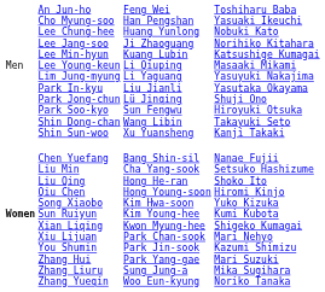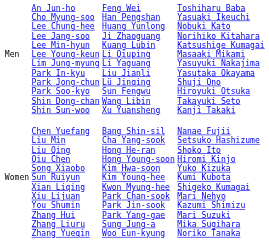 <table>
 <tr>
 <td>Men<br></td>
 <td><br><a href='#'>An Jun-ho</a><br><a href='#'>Cho Myung-soo</a><br><a href='#'>Lee Chung-hee</a><br><a href='#'>Lee Jang-soo</a><br><a href='#'>Lee Min-hyun</a><br><a href='#'>Lee Young-keun</a><br><a href='#'>Lim Jung-myung</a><br><a href='#'>Park In-kyu</a><br><a href='#'>Park Jong-chun</a><br><a href='#'>Park Soo-kyo</a><br><a href='#'>Shin Dong-chan</a><br><a href='#'>Shin Sun-woo</a></td>
 <td><br><a href='#'>Feng Wei</a><br><a href='#'>Han Pengshan</a><br><a href='#'>Huang Yunlong</a><br><a href='#'>Ji Zhaoguang</a><br><a href='#'>Kuang Lubin</a><br><a href='#'>Li Qiuping</a><br><a href='#'>Li Yaguang</a><br><a href='#'>Liu Jianli</a><br><a href='#'>Lü Jinqing</a><br><a href='#'>Sun Fengwu</a><br><a href='#'>Wang Libin</a><br><a href='#'>Xu Yuansheng</a></td>
 <td><br><a href='#'>Toshiharu Baba</a><br><a href='#'>Yasuaki Ikeuchi</a><br><a href='#'>Nobuki Kato</a><br><a href='#'>Norihiko Kitahara</a><br><a href='#'>Katsushige Kumagai</a><br><a href='#'>Masaaki Mikami</a><br><a href='#'>Yasuyuki Nakajima</a><br><a href='#'>Yasutaka Okayama</a><br><a href='#'>Shuji Ono</a><br><a href='#'>Hiroyuki Otsuka</a><br><a href='#'>Takayuki Seto</a><br><a href='#'>Kanji Takaki</a></td>
 </tr>
 <tr>
-<td><strong>Women<br></strong></td>
+<td>Women<br></td>
 <td><br><a href='#'>Chen Yuefang</a><br><a href='#'>Liu Min</a><br><a href='#'>Liu Qing</a><br><a href='#'>Qiu Chen</a><br><a href='#'>Song Xiaobo</a><br><a href='#'>Sun Ruiyun</a><br><a href='#'>Xian Liqing</a><br><a href='#'>Xiu Lijuan</a><br><a href='#'>You Shumin</a><br><a href='#'>Zhang Hui</a><br><a href='#'>Zhang Liuru</a><br><a href='#'>Zhang Yueqin</a></td>
 <td><br><a href='#'>Bang Shin-sil</a><br><a href='#'>Cha Yang-sook</a><br><a href='#'>Hong He-ran</a><br><a href='#'>Hong Young-soon</a><br><a href='#'>Kim Hwa-soon</a><br><a href='#'>Kim Young-hee</a><br><a href='#'>Kwon Myung-hee</a><br><a href='#'>Park Chan-sook</a><br><a href='#'>Park Jin-sook</a><br><a href='#'>Park Yang-gae</a><br><a href='#'>Sung Jung-a</a><br><a href='#'>Woo Eun-kyung</a></td>
 <td><br><a href='#'>Nanae Fujii</a><br><a href='#'>Setsuko Hashizume</a><br><a href='#'>Shoko Ito</a><br><a href='#'>Hiromi Kinjo</a><br><a href='#'>Yuko Kizuka</a><br><a href='#'>Kumi Kubota</a><br><a href='#'>Shigeko Kumagai</a><br><a href='#'>Mari Nehyo</a><br><a href='#'>Kazumi Shimizu</a><br><a href='#'>Mari Suzuki</a><br><a href='#'>Mika Sugihara</a><br><a href='#'>Noriko Tanaka</a></td>
 </tr>
 </table>
